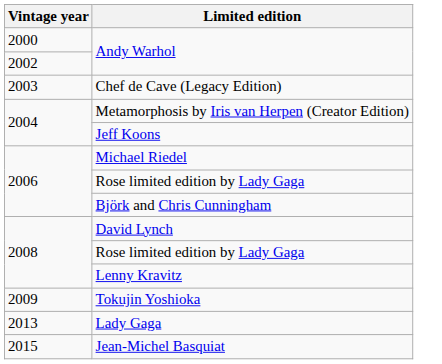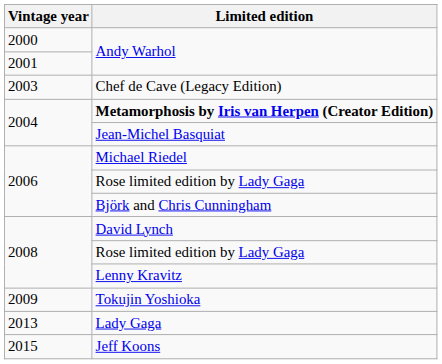 <table class="wikitable">
 <tr>
 <th>Vintage year</th>
 <th>Limited edition</th>
 </tr>
 <tr>
 <td>2000</td>
 <td rowspan="2"><a href='#'>Andy Warhol</a></td>
 </tr>
 <tr>
-<td>2002</td>
+<td>2001</td>
 </tr>
 <tr>
 <td>2003</td>
 <td>Chef de Cave (Legacy Edition)</td>
 </tr>
 <tr>
 <td rowspan="2">2004</td>
-<td>Metamorphosis by <a href='#'>Iris van Herpen</a> (Creator Edition)</td>
+<td><strong>Metamorphosis by <a href='#'>Iris van Herpen</a> (Creator Edition)</strong></td>
 </tr>
 <tr>
-<td><a href='#'>Jeff Koons</a></td>
+<td><a href='#'>Jean-Michel Basquiat</a></td>
 </tr>
 <tr>
 <td rowspan="3">2006</td>
 <td><a href='#'>Michael Riedel</a></td>
 </tr>
 <tr>
 <td>Rose limited edition by <a href='#'>Lady Gaga</a></td>
 </tr>
 <tr>
 <td><a href='#'>Björk</a> and <a href='#'>Chris Cunningham</a></td>
 </tr>
 <tr>
 <td rowspan="3">2008</td>
 <td><a href='#'>David Lynch</a></td>
 </tr>
 <tr>
 <td>Rose limited edition by <a href='#'>Lady Gaga</a></td>
 </tr>
 <tr>
 <td><a href='#'>Lenny Kravitz</a></td>
 </tr>
 <tr>
 <td>2009</td>
 <td><a href='#'>Tokujin Yoshioka</a></td>
 </tr>
 <tr>
 <td>2013</td>
 <td><a href='#'>Lady Gaga</a></td>
 </tr>
 <tr>
 <td>2015</td>
-<td><a href='#'>Jean-Michel Basquiat</a></td>
+<td><a href='#'>Jeff Koons</a></td>
 </tr>
 </table>
